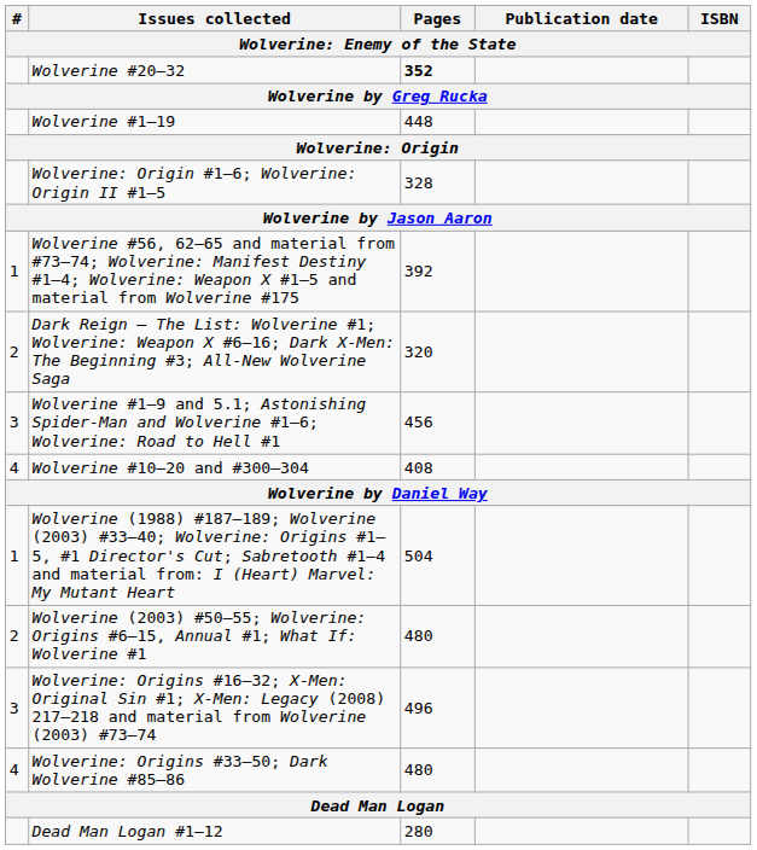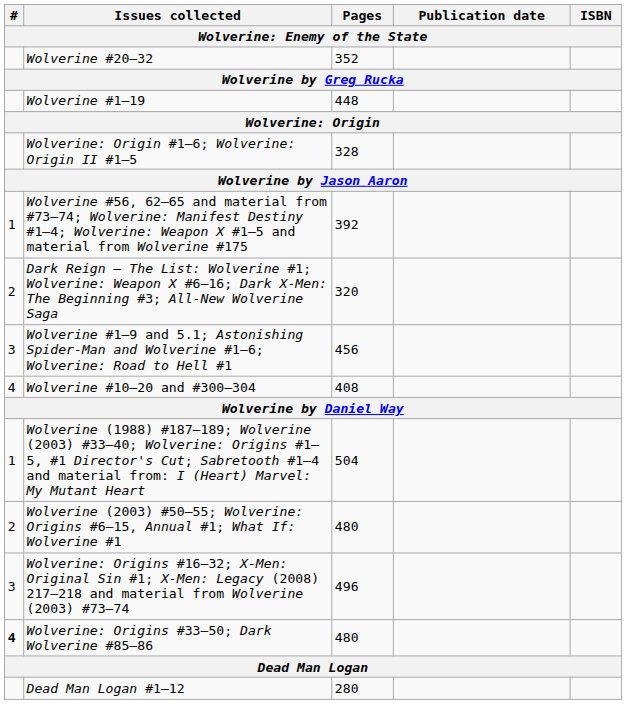 <table class="wikitable sortable" width=98%>
 <tr>
 <th class="unsortable">#</th>
 <th class="unsortable" width="50%">Issues collected</th>
 <th>Pages</th>
 <th>Publication date</th>
 <th class="unsortable">ISBN</th>
 </tr>
 <tr>
 <th colspan="5"><strong><em>Wolverine: Enemy of the State</em></strong></th>
 </tr>
 <tr>
 <td></td>
 <td><em>Wolverine</em> #20–32</td>
-<td><strong>352</strong></td>
+<td>352</td>
 <td></td>
 <td></td>
 </tr>
 <tr>
 <th colspan="5"><strong><em>Wolverine by <a href='#'>Greg Rucka</a></em></strong></th>
 </tr>
 <tr>
 <td></td>
 <td><em>Wolverine</em> #1–19</td>
 <td>448</td>
 <td></td>
 <td></td>
 </tr>
 <tr>
 <th colspan="5"><strong><em>Wolverine: Origin</em></strong></th>
 </tr>
 <tr>
 <td></td>
 <td><em>Wolverine: Origin</em> #1–6; <em>Wolverine: Origin II</em> #1–5</td>
 <td>328</td>
 <td></td>
 <td></td>
 </tr>
 <tr>
 <th colspan="5"><strong><em>Wolverine by <a href='#'>Jason Aaron</a></em></strong></th>
 </tr>
 <tr>
 <td>1</td>
 <td><em>Wolverine</em> #56, 62–65 and material from #73–74; <em>Wolverine: Manifest Destiny</em> #1–4; <em>Wolverine: Weapon X</em> #1–5 and material from <em>Wolverine</em> #175</td>
 <td>392</td>
 <td></td>
 <td></td>
 </tr>
 <tr>
 <td>2</td>
 <td><em>Dark Reign – The List: Wolverine</em> #1; <em>Wolverine: Weapon X</em> #6–16; <em>Dark X-Men: The Beginning</em> #3; <em>All-New Wolverine Saga</em></td>
 <td>320</td>
 <td></td>
 <td></td>
 </tr>
 <tr>
 <td>3</td>
 <td><em>Wolverine</em> #1–9 and 5.1; <em>Astonishing Spider-Man and Wolverine</em> #1–6; <em>Wolverine: Road to Hell</em> #1</td>
 <td>456</td>
 <td></td>
 <td></td>
 </tr>
 <tr>
 <td>4</td>
 <td><em>Wolverine</em> #10–20 and #300–304</td>
 <td>408</td>
 <td></td>
 <td></td>
 </tr>
 <tr>
 <th colspan="5"><strong><em>Wolverine by <a href='#'>Daniel Way</a></em></strong></th>
 </tr>
 <tr>
 <td>1</td>
 <td><em>Wolverine</em> (1988) #187–189; <em>Wolverine</em> (2003) #33–40; <em>Wolverine: Origins</em> #1–5, #1 <em>Director's Cut</em>; <em>Sabretooth</em> #1–4 and material from: <em>I (Heart) Marvel: My Mutant Heart</em></td>
 <td>504</td>
 <td></td>
 <td></td>
 </tr>
 <tr>
 <td>2</td>
 <td><em>Wolverine</em> (2003) #50–55; <em>Wolverine: Origins</em> #6–15, <em>Annual</em> #1; <em>What If: Wolverine</em> #1</td>
 <td>480</td>
 <td></td>
 <td></td>
 </tr>
 <tr>
 <td>3</td>
 <td><em>Wolverine: Origins</em> #16–32; <em>X-Men: Original Sin</em> #1; <em>X-Men: Legacy</em> (2008) 217–218 and material from <em>Wolverine</em> (2003) #73–74</td>
 <td>496</td>
 <td></td>
 <td></td>
 </tr>
 <tr>
-<td>4</td>
+<td><strong>4</strong></td>
 <td><em>Wolverine: Origins</em> #33–50; <em>Dark Wolverine</em> #85–86</td>
 <td>480</td>
 <td></td>
 <td></td>
 </tr>
 <tr>
 <th colspan="5"><strong><em>Dead Man Logan</em></strong></th>
 </tr>
 <tr>
 <td></td>
 <td><em>Dead Man Logan</em> #1–12</td>
 <td>280</td>
 <td></td>
 <td></td>
 </tr>
 </table>
